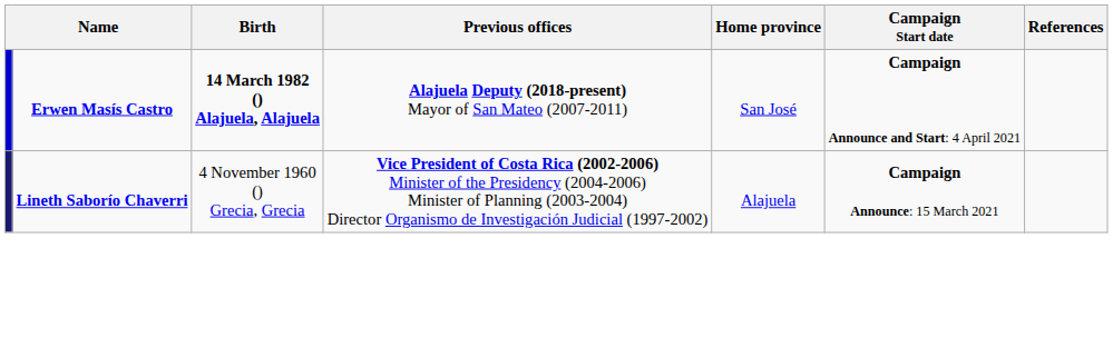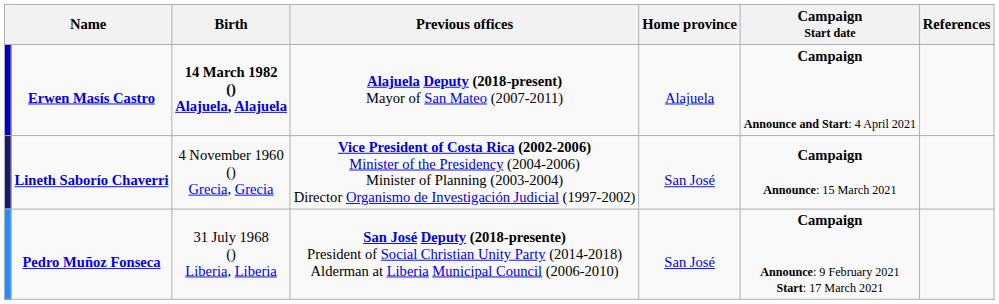 <table class="wikitable sortable" style="text-align:center; font-size: 98%;">
 <tr>
 <th colspan=2 style="width:110px;">Name</th>
 <th>Birth</th>
 <th>Previous offices</th>
 <th>Home province<br></th>
 <th>Campaign<br><small>Start date</small></th>
 <th>References</th>
 </tr>
 <tr>
 <td bgcolor=#0000CD></td>
 <td><br><strong><a href='#'>Erwen Masís Castro</a></strong></td>
 <td><strong>14 March 1982<br>()<br><a href='#'>Alajuela</a>, <a href='#'>Alajuela</a></strong></td>
 <td><strong><a href='#'>Alajuela</a> <a href='#'>Deputy</a></strong> <strong>(2018-present)</strong><br>Mayor of <a href='#'>San Mateo</a> (2007-2011)</td>
-<td><br><a href='#'>San José</a></td>
+<td><br><a href='#'>Alajuela</a></td>
 <td><strong>Campaign</strong><br><br><br> <br><strong><small>Announce and Start</small></strong><small>: 4 April 2021</small></td>
 <td></td>
 </tr>
 <tr>
 <td bgcolor=#191970></td>
 <td><br><strong><a href='#'>Lineth Saborío Chaverri</a></strong></td>
 <td>4 November 1960<br>()<br><a href='#'>Grecia</a>, <a href='#'>Grecia</a></td>
 <td><strong><a href='#'>Vice President of Costa Rica</a></strong> <strong>(2002-2006)</strong><br><a href='#'>Minister of the Presidency</a> (2004-2006)<br>Minister of Planning (2003-2004)<br>Director <a href='#'>Organismo de Investigación Judicial</a> (1997-2002)</td>
-<td><br><a href='#'>Alajuela</a></td>
+<td><br><a href='#'>San José</a></td>
 <td><strong>Campaign</strong><br><br><small><strong>Announce</strong>: 15 March 2021</small></td>
 <td></td>
 </tr>
+<tr>
+<td bgcolor=#1E90FF></td>
+<td><strong><br><a href='#'>Pedro Muñoz Fonseca</a></strong></td>
+<td>31 July 1968<br>()<br><a href='#'>Liberia</a>, <a href='#'>Liberia</a></td>
+<td><strong><a href='#'>San José</a> <a href='#'>Deputy</a></strong> <strong>(2018-presente)</strong><br>President of <a href='#'>Social Christian Unity Party</a> (2014-2018)<br>Alderman at <a href='#'>Liberia</a> <a href='#'>Municipal Council</a> (2006-2010)</td>
+<td><br><a href='#'>San José</a></td>
+<td><strong>Campaign</strong><br><br>  <br><small><strong>Announce</strong>: 9 February 2021<br><strong>Start</strong>: 17 March 2021</small></td>
+<td></td>
+</tr>
 </table>
